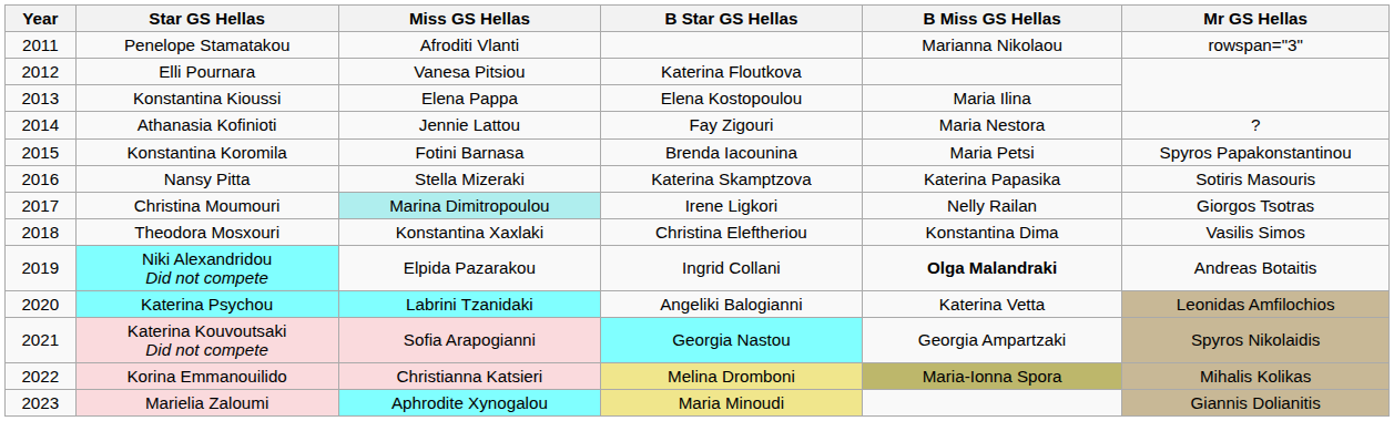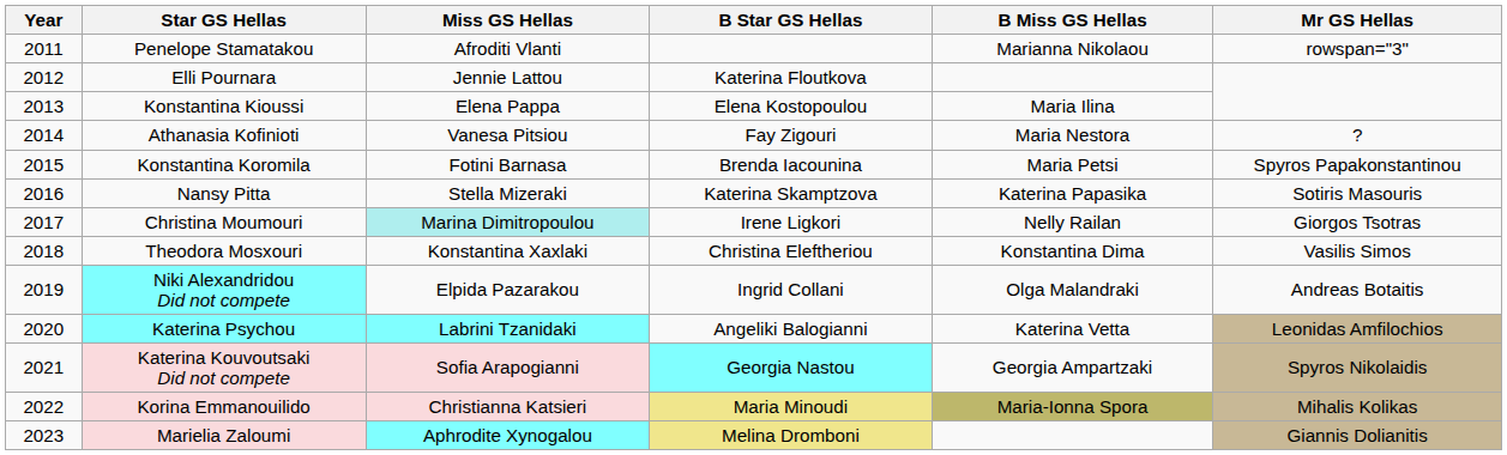 <table class="wikitable sortable" style="font-size: 95%; text-align:center">
 <tr>
 <th width="60">Year</th>
 <th width="250">Star GS Hellas</th>
 <th width="250">Miss GS Hellas</th>
 <th width="250">B Star GS Hellas</th>
 <th width="250">B Miss GS Hellas</th>
 <th width="250">Mr GS Hellas</th>
 </tr>
 <tr>
 <td>2011</td>
 <td>Penelope Stamatakou</td>
 <td>Afroditi Vlanti</td>
 <td></td>
 <td>Marianna Nikolaou</td>
 <td>rowspan="3" </td>
 </tr>
 <tr>
 <td>2012</td>
 <td>Elli Pournara</td>
-<td>Vanesa Pitsiou</td>
+<td>Jennie Lattou</td>
 <td>Katerina Floutkova</td>
 <td></td>
 </tr>
 <tr>
 <td>2013</td>
 <td>Konstantina Kioussi</td>
 <td>Elena Pappa</td>
 <td>Elena Kostopoulou</td>
 <td>Maria Ilina</td>
 </tr>
 <tr>
 <td>2014</td>
 <td>Athanasia Kofinioti</td>
-<td>Jennie Lattou</td>
+<td>Vanesa Pitsiou</td>
 <td>Fay Zigouri</td>
 <td>Maria Nestora</td>
 <td>?</td>
 </tr>
 <tr>
 <td>2015</td>
 <td>Konstantina Koromila</td>
 <td>Fotini Barnasa</td>
 <td>Brenda Iacounina</td>
 <td>Maria Petsi</td>
 <td>Spyros Papakonstantinou</td>
 </tr>
 <tr>
 <td>2016</td>
 <td>Nansy Pitta</td>
 <td>Stella Mizeraki</td>
 <td>Katerina Skamptzova</td>
 <td>Katerina Papasika</td>
 <td>Sotiris Masouris</td>
 </tr>
 <tr>
 <td>2017</td>
 <td>Christina Moumouri</td>
 <td style="background: paleturquoise;">Marina Dimitropoulou</td>
 <td>Irene Ligkori</td>
 <td>Nelly Railan</td>
 <td>Giorgos Tsotras</td>
 </tr>
 <tr>
 <td>2018</td>
 <td>Theodora Mosxouri</td>
 <td>Konstantina Xaxlaki</td>
 <td>Christina Eleftheriou</td>
 <td>Konstantina Dima</td>
 <td>Vasilis Simos</td>
 </tr>
 <tr>
 <td>2019</td>
 <td style="background:#80FFFF;">Niki Alexandridou<br><em>Did not compete</em></td>
 <td>Elpida Pazarakou</td>
 <td>Ingrid Collani</td>
-<td><strong>Olga Malandraki</strong></td>
+<td>Olga Malandraki</td>
 <td>Andreas Botaitis</td>
 </tr>
 <tr>
 <td>2020</td>
 <td style="background:#80FFFF;">Katerina Psychou</td>
 <td style="background:#80FFFF;">Labrini Tzanidaki</td>
 <td>Angeliki Balogianni</td>
 <td>Katerina Vetta</td>
 <td style="background:#C8B896;">Leonidas Amfilochios</td>
 </tr>
 <tr>
 <td>2021</td>
 <td style="background:#FADADD;">Katerina Kouvoutsaki<br><em>Did not compete</em></td>
 <td style="background:#FADADD;">Sofia Arapogianni</td>
 <td style="background:#80FFFF;">Georgia Nastou</td>
 <td>Georgia Ampartzaki</td>
 <td style="background:#C8B896;">Spyros Nikolaidis</td>
 </tr>
 <tr>
 <td>2022</td>
 <td style="background:#FADADD;">Korina Emmanouilido</td>
 <td style="background:#FADADD;">Christianna Katsieri</td>
-<td style="background:#F0E68C;">Melina Dromboni</td>
+<td style="background:#F0E68C;">Maria Minoudi</td>
 <td style="background:#BDB76B;">Maria-Ionna Spora</td>
 <td style="background:#C8B896;">Mihalis Kolikas</td>
 </tr>
 <tr>
 <td>2023</td>
 <td style="background:#FADADD;">Marielia Zaloumi</td>
 <td style="background:#80FFFF;">Aphrodite Xynogalou</td>
-<td style="background:#F0E68C;">Maria Minoudi</td>
+<td style="background:#F0E68C;">Melina Dromboni</td>
 <td></td>
 <td style="background:#C8B896;">Giannis Dolianitis</td>
 </tr>
 <tr>
 </tr>
 </table>
